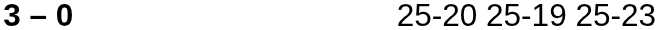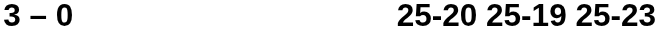 <table width=100% cellspacing=1>
 <tr>
 <th width=20%></th>
 <th width=12%></th>
 <th width=20%></th>
 <th width=33%></th>
 <td></td>
 </tr>
 <tr style=font-size:90%>
 <td align=right><strong></strong></td>
 <td align=center><strong>3 – 0</strong></td>
 <td></td>
-<td>25-20 25-19 25-23</td>
+<td><strong>25-20 25-19 25-23</strong></td>
 </tr>
 </table>
